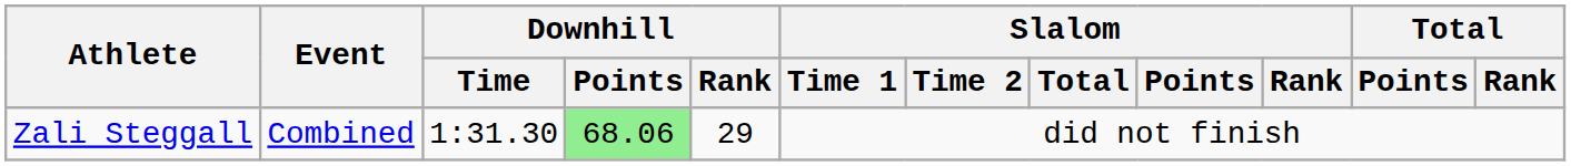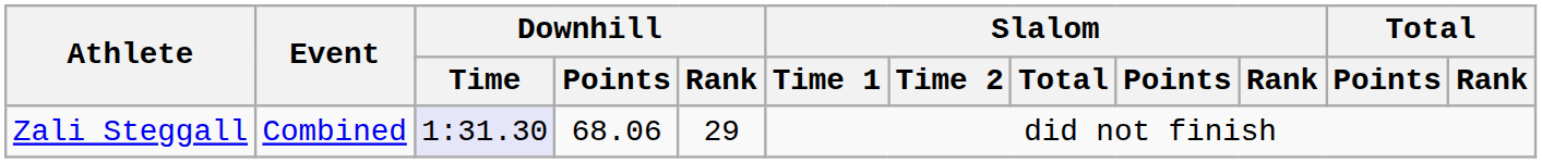 <table class="wikitable" style="font-size:90%">
 <tr>
 <th rowspan="2">Athlete</th>
 <th rowspan="2">Event</th>
 <th colspan="3">Downhill</th>
 <th colspan="5">Slalom</th>
 <th colspan="2">Total</th>
 </tr>
 <tr>
 <th>Time</th>
 <th>Points</th>
 <th>Rank</th>
 <th>Time 1</th>
 <th>Time 2</th>
 <th>Total</th>
 <th>Points</th>
 <th>Rank</th>
 <th>Points</th>
 <th>Rank</th>
 </tr>
 <tr align="center">
 <td align="left"><a href='#'>Zali Steggall</a></td>
 <td align="left" rowspan=2><a href='#'>Combined</a></td>
-<td>1:31.30</td>
-<td style="background: lightgreen;">68.06</td>
+<td style="background: lavender;">1:31.30</td>
+<td>68.06</td>
 <td>29</td>
 <td colspan=7>did not finish</td>
 </tr>
 </table>
